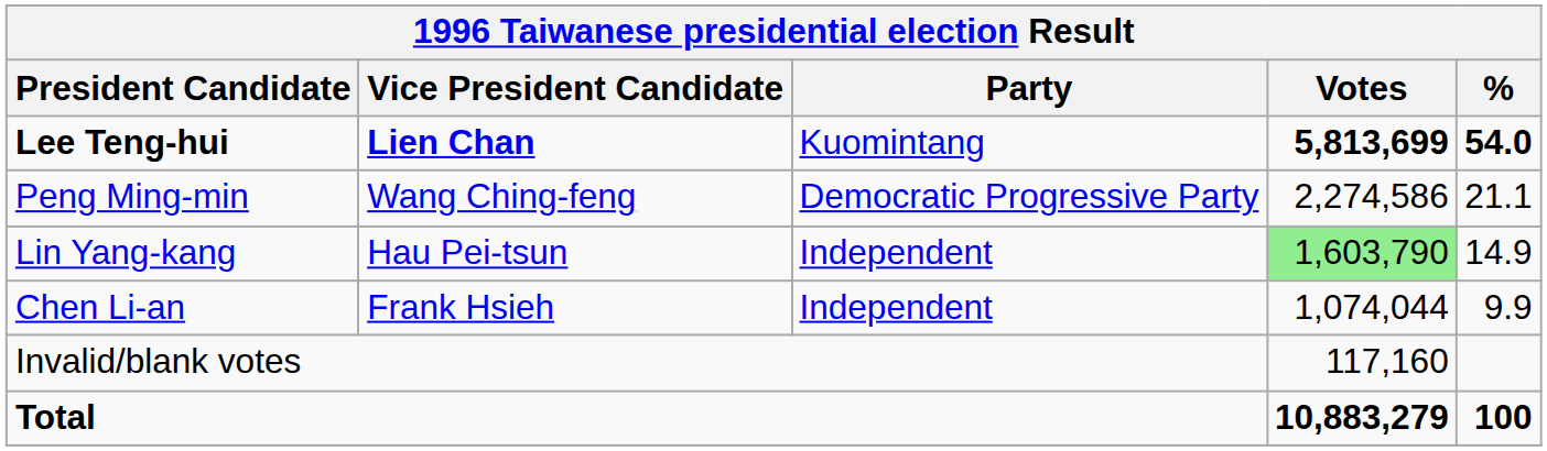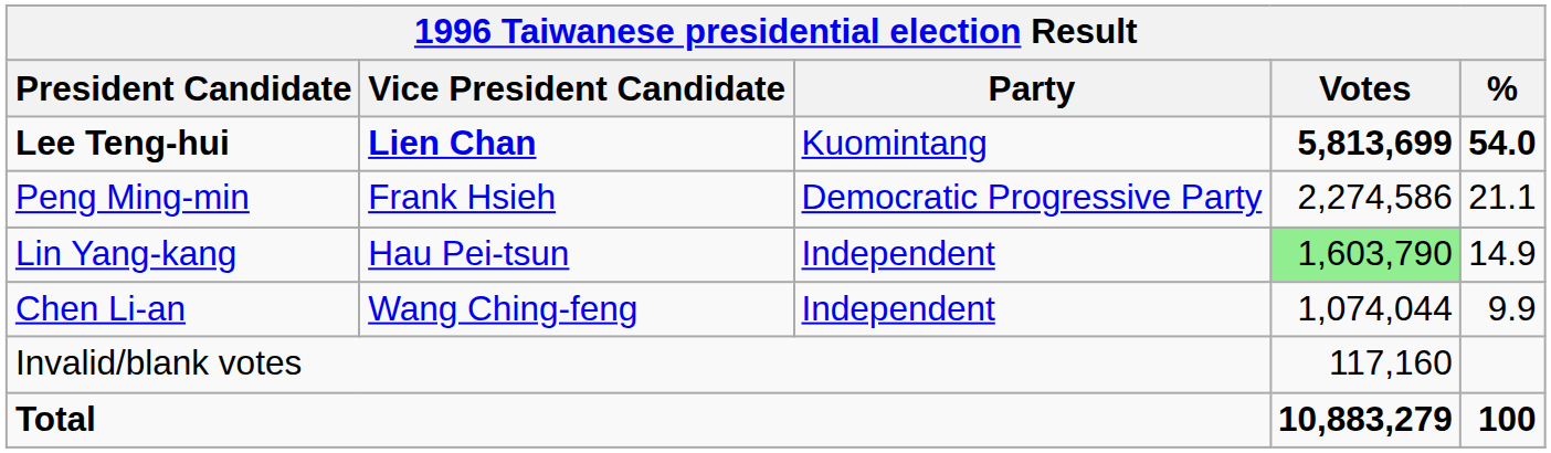 <table class="wikitable" style="margin:1em auto; text-align:left;">
 <tr>
 <th colspan=5><a href='#'>1996 Taiwanese presidential election</a> Result</th>
 </tr>
 <tr>
 <th>President Candidate</th>
 <th>Vice President Candidate</th>
 <th>Party</th>
 <th>Votes</th>
 <th>%</th>
 </tr>
 <tr>
 <td><strong>Lee Teng-hui</strong></td>
 <td><strong><a href='#'>Lien Chan</a></strong></td>
 <td> <a href='#'>Kuomintang</a></td>
 <td align=right><strong>5,813,699</strong></td>
 <td align=right><strong>54.0</strong></td>
 </tr>
 <tr>
 <td><a href='#'>Peng Ming-min</a></td>
-<td><a href='#'>Wang Ching-feng</a></td>
+<td><a href='#'>Frank Hsieh</a></td>
 <td><a href='#'>Democratic Progressive Party</a></td>
 <td align=right>2,274,586</td>
 <td align=right>21.1</td>
 </tr>
 <tr>
 <td><a href='#'>Lin Yang-kang</a></td>
 <td><a href='#'>Hau Pei-tsun</a></td>
 <td><a href='#'>Independent</a></td>
 <td align=right style="background: lightgreen;">1,603,790</td>
 <td align=right>14.9</td>
 </tr>
 <tr>
 <td><a href='#'>Chen Li-an</a></td>
-<td><a href='#'>Frank Hsieh</a></td>
+<td><a href='#'>Wang Ching-feng</a></td>
 <td><a href='#'>Independent</a></td>
 <td align=right>1,074,044</td>
 <td align=right>9.9</td>
 </tr>
 <tr>
 <td colspan=3>Invalid/blank votes</td>
 <td align=right>117,160</td>
 <td></td>
 </tr>
 <tr>
 <td colspan=3><strong>Total</strong></td>
 <td align=right><strong>10,883,279</strong></td>
 <td align=right><strong>100</strong></td>
 </tr>
 </table>
